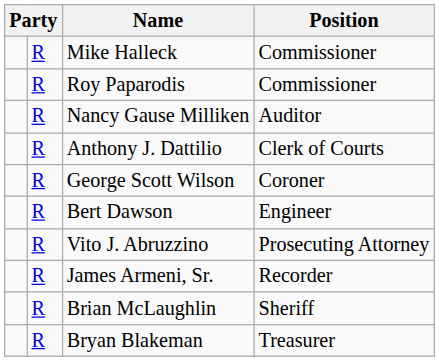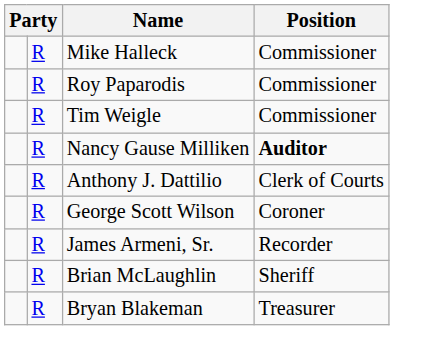 <table class=wikitable>
 <tr>
 <th colspan="2" style="text-align:center; vertical-align:bottom;">Party</th>
 <th style="text-align:center;">Name</th>
 <th valign=bottom>Position</th>
 </tr>
 <tr>
 <td style="background-color:"> </td>
 <td><a href='#'>R</a></td>
 <td>Mike Halleck</td>
 <td>Commissioner</td>
 </tr>
 <tr>
 <td style="background-color:"> </td>
 <td><a href='#'>R</a></td>
 <td>Roy Paparodis</td>
 <td>Commissioner</td>
 </tr>
 <tr>
 <td style="background-color:"> </td>
 <td><a href='#'>R</a></td>
+<td>Tim Weigle</td>
+<td>Commissioner</td>
+</tr>
+<tr>
+<td style="background-color:"> </td>
+<td><a href='#'>R</a></td>
 <td>Nancy Gause Milliken</td>
-<td>Auditor</td>
+<td><strong>Auditor</strong></td>
 </tr>
 <tr>
 <td style="background-color:"> </td>
 <td><a href='#'>R</a></td>
 <td>Anthony J. Dattilio</td>
 <td>Clerk of Courts</td>
 </tr>
 <tr>
 <td style="background-color:"> </td>
 <td><a href='#'>R</a></td>
 <td>George Scott Wilson</td>
 <td>Coroner</td>
-</tr>
-<tr>
-<td style="background-color:"> </td>
-<td><a href='#'>R</a></td>
-<td>Bert Dawson</td>
-<td>Engineer</td>
-</tr>
-<tr>
-<td style="background-color:"> </td>
-<td><a href='#'>R</a></td>
-<td>Vito J. Abruzzino</td>
-<td>Prosecuting Attorney</td>
 </tr>
 <tr>
 <td style="background-color:"> </td>
 <td><a href='#'>R</a></td>
 <td>James Armeni, Sr.</td>
 <td>Recorder</td>
 </tr>
 <tr>
 <td style="background-color:"> </td>
 <td><a href='#'>R</a></td>
 <td>Brian McLaughlin</td>
 <td>Sheriff</td>
 </tr>
 <tr>
 <td style="background-color:"> </td>
 <td><a href='#'>R</a></td>
 <td>Bryan Blakeman</td>
 <td>Treasurer</td>
 </tr>
 </table>
